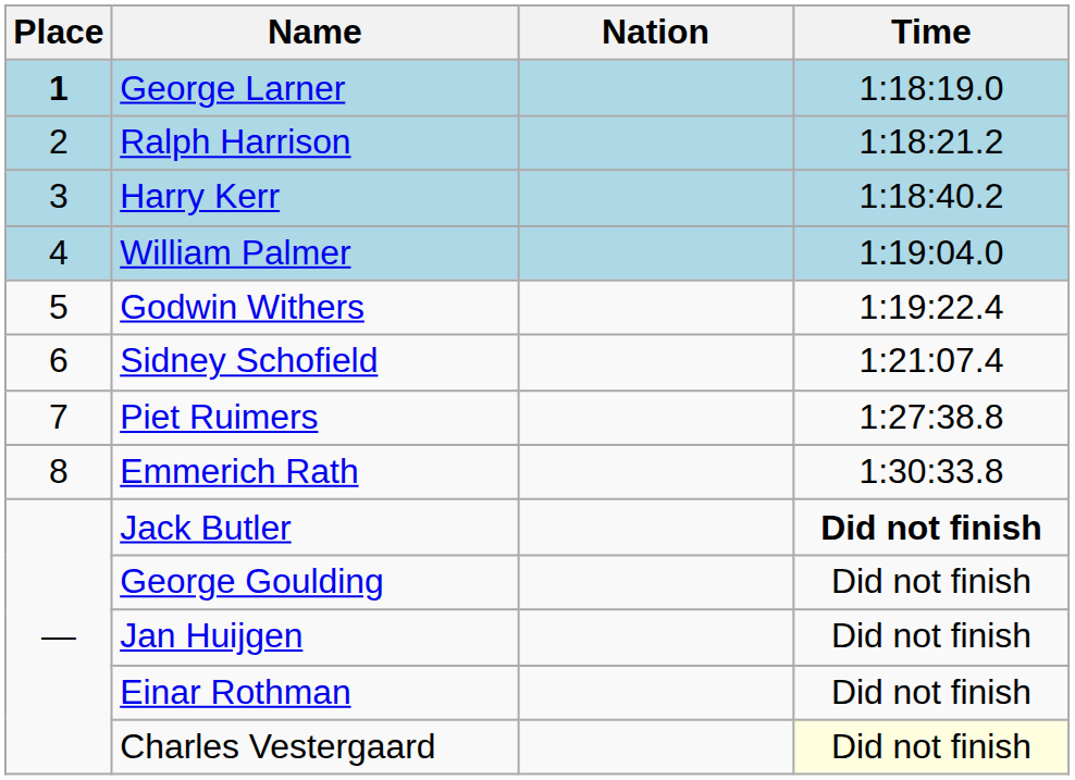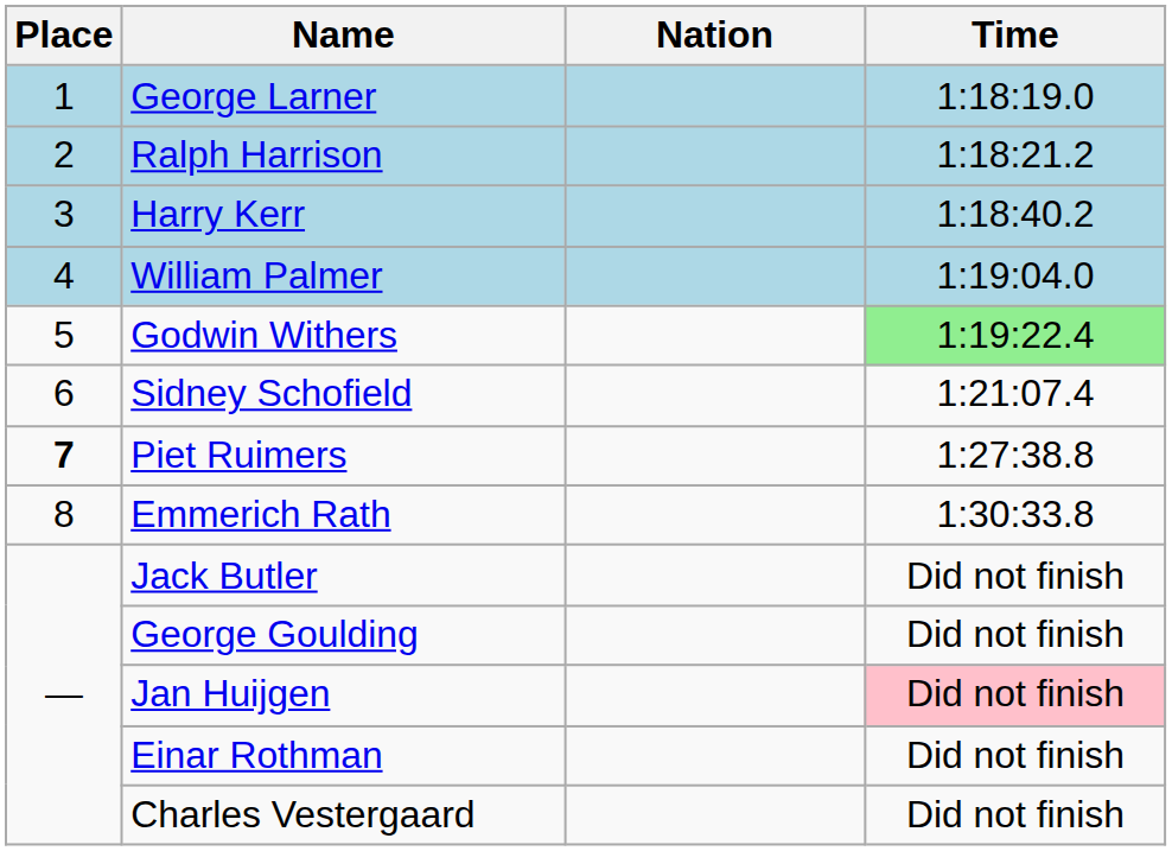 <table class=wikitable>
 <tr>
 <th width=20>Place</th>
 <th width=180>Name</th>
 <th width=120>Nation</th>
 <th width=120>Time</th>
 </tr>
 <tr bgcolor=lightblue>
-<td align=center><strong>1</strong></td>
+<td align=center>1</td>
 <td><a href='#'>George Larner</a></td>
 <td></td>
 <td align=center>1:18:19.0</td>
 </tr>
 <tr bgcolor=lightblue>
 <td align=center>2</td>
 <td><a href='#'>Ralph Harrison</a></td>
 <td></td>
 <td align=center>1:18:21.2</td>
 </tr>
 <tr bgcolor=lightblue>
 <td align=center>3</td>
 <td><a href='#'>Harry Kerr</a></td>
 <td></td>
 <td align=center>1:18:40.2</td>
 </tr>
 <tr bgcolor=lightblue>
 <td align=center>4</td>
 <td><a href='#'>William Palmer</a></td>
 <td></td>
 <td align=center>1:19:04.0</td>
 </tr>
 <tr>
 <td align=center>5</td>
 <td><a href='#'>Godwin Withers</a></td>
 <td></td>
-<td align=center>1:19:22.4</td>
+<td align=center style="background: lightgreen;">1:19:22.4</td>
 </tr>
 <tr>
 <td align=center>6</td>
 <td><a href='#'>Sidney Schofield</a></td>
 <td></td>
 <td align=center>1:21:07.4</td>
 </tr>
 <tr>
-<td align=center>7</td>
+<td align=center><strong>7</strong></td>
 <td><a href='#'>Piet Ruimers</a></td>
 <td></td>
 <td align=center>1:27:38.8</td>
 </tr>
 <tr>
 <td align=center>8</td>
 <td><a href='#'>Emmerich Rath</a></td>
 <td></td>
 <td align=center>1:30:33.8</td>
 </tr>
 <tr>
 <td align=center rowspan=5>—</td>
 <td><a href='#'>Jack Butler</a></td>
 <td></td>
-<td align=center><strong>Did not finish</strong></td>
+<td align=center>Did not finish</td>
 </tr>
 <tr>
 <td><a href='#'>George Goulding</a></td>
 <td></td>
 <td align=center>Did not finish</td>
 </tr>
 <tr>
 <td><a href='#'>Jan Huijgen</a></td>
 <td></td>
-<td align=center>Did not finish</td>
+<td align=center style="background: pink;">Did not finish</td>
 </tr>
 <tr>
 <td><a href='#'>Einar Rothman</a></td>
 <td></td>
 <td align=center>Did not finish</td>
 </tr>
 <tr>
 <td>Charles Vestergaard</td>
 <td></td>
-<td align=center style="background: lightyellow;">Did not finish</td>
+<td align=center>Did not finish</td>
 </tr>
 </table>
